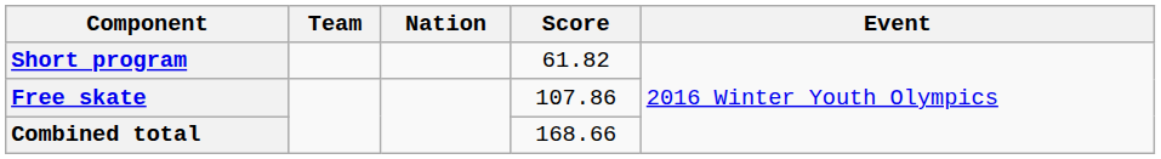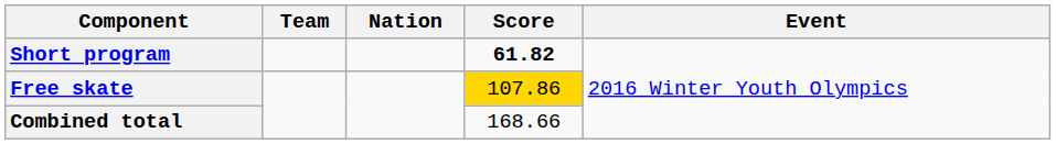 <table class="wikitable unsortable" style="text-align:left; width:75%">
 <tr>
 <th scope="col">Component</th>
 <th scope="col">Team</th>
 <th scope="col">Nation</th>
 <th scope="col">Score</th>
 <th scope="col">Event</th>
 </tr>
 <tr>
 <th scope="row" style="text-align:left"><a href='#'>Short program</a></th>
 <td></td>
 <td></td>
-<td style="text-align:center">61.82</td>
+<td style="text-align:center"><strong>61.82</strong></td>
 <td rowspan="3"><a href='#'>2016 Winter Youth Olympics</a></td>
 </tr>
 <tr>
 <th scope="row" style="text-align:left"><a href='#'>Free skate</a></th>
 <td rowspan="2"></td>
 <td rowspan="2"></td>
-<td style="text-align:center">107.86</td>
+<td style="background: gold; text-align:center">107.86</td>
 </tr>
 <tr>
 <th scope="row" style="text-align:left">Combined total</th>
 <td style="text-align:center">168.66</td>
 </tr>
 </table>
